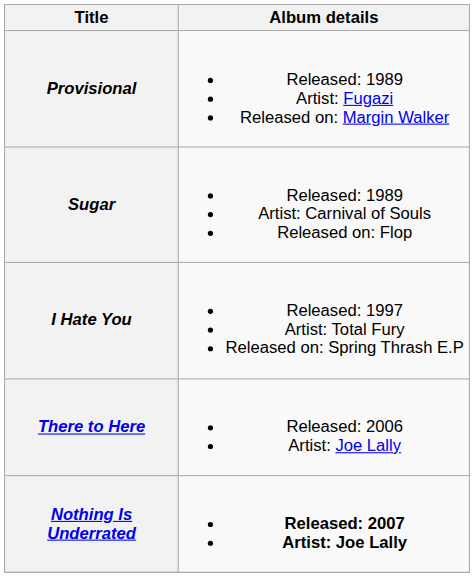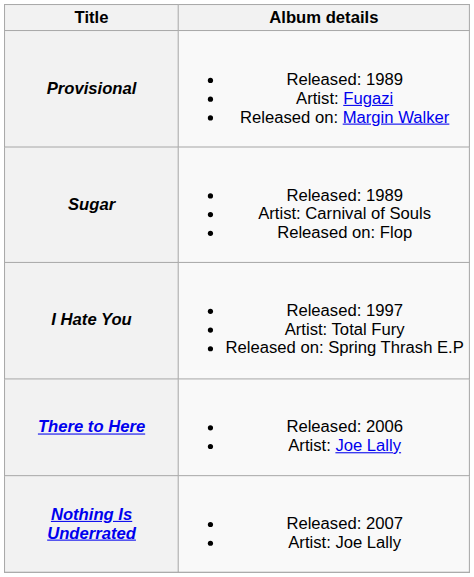 <table class="wikitable plainrowheaders" style="text-align:center;">
 <tr>
 <th scope="col" style="width:10em;">Title</th>
 <th scope="col" style="width:17em;">Album details</th>
 </tr>
 <tr>
 <th scope="row"><em>Provisional</em></th>
 <td><br><ul><li>Released: 1989</li><li>Artist: <a href='#'>Fugazi</a></li><li>Released on: <a href='#'>Margin Walker</a></li></ul></td>
 </tr>
 <tr>
 <th scope="row"><em>Sugar</em></th>
 <td><br><ul><li>Released: 1989</li><li>Artist: Carnival of Souls</li><li>Released on: Flop</li></ul></td>
 </tr>
 <tr>
 <th scope="row"><em>I Hate You</em></th>
 <td><br><ul><li>Released: 1997</li><li>Artist: Total Fury</li><li>Released on: Spring Thrash E.P</li></ul></td>
 </tr>
 <tr>
 <th scope="row"><em><a href='#'>There to Here</a></em></th>
 <td><br><ul><li>Released: 2006</li><li>Artist: <a href='#'>Joe Lally</a></li></ul></td>
 </tr>
 <tr>
 <th scope="row"><em><a href='#'>Nothing Is Underrated</a></em></th>
-<td><strong><br><ul><li>Released: 2007</li><li>Artist: Joe Lally</li></ul></strong></td>
+<td><br><ul><li>Released: 2007</li><li>Artist: Joe Lally</li></ul></td>
 </tr>
 <tr>
 </tr>
 </table>
